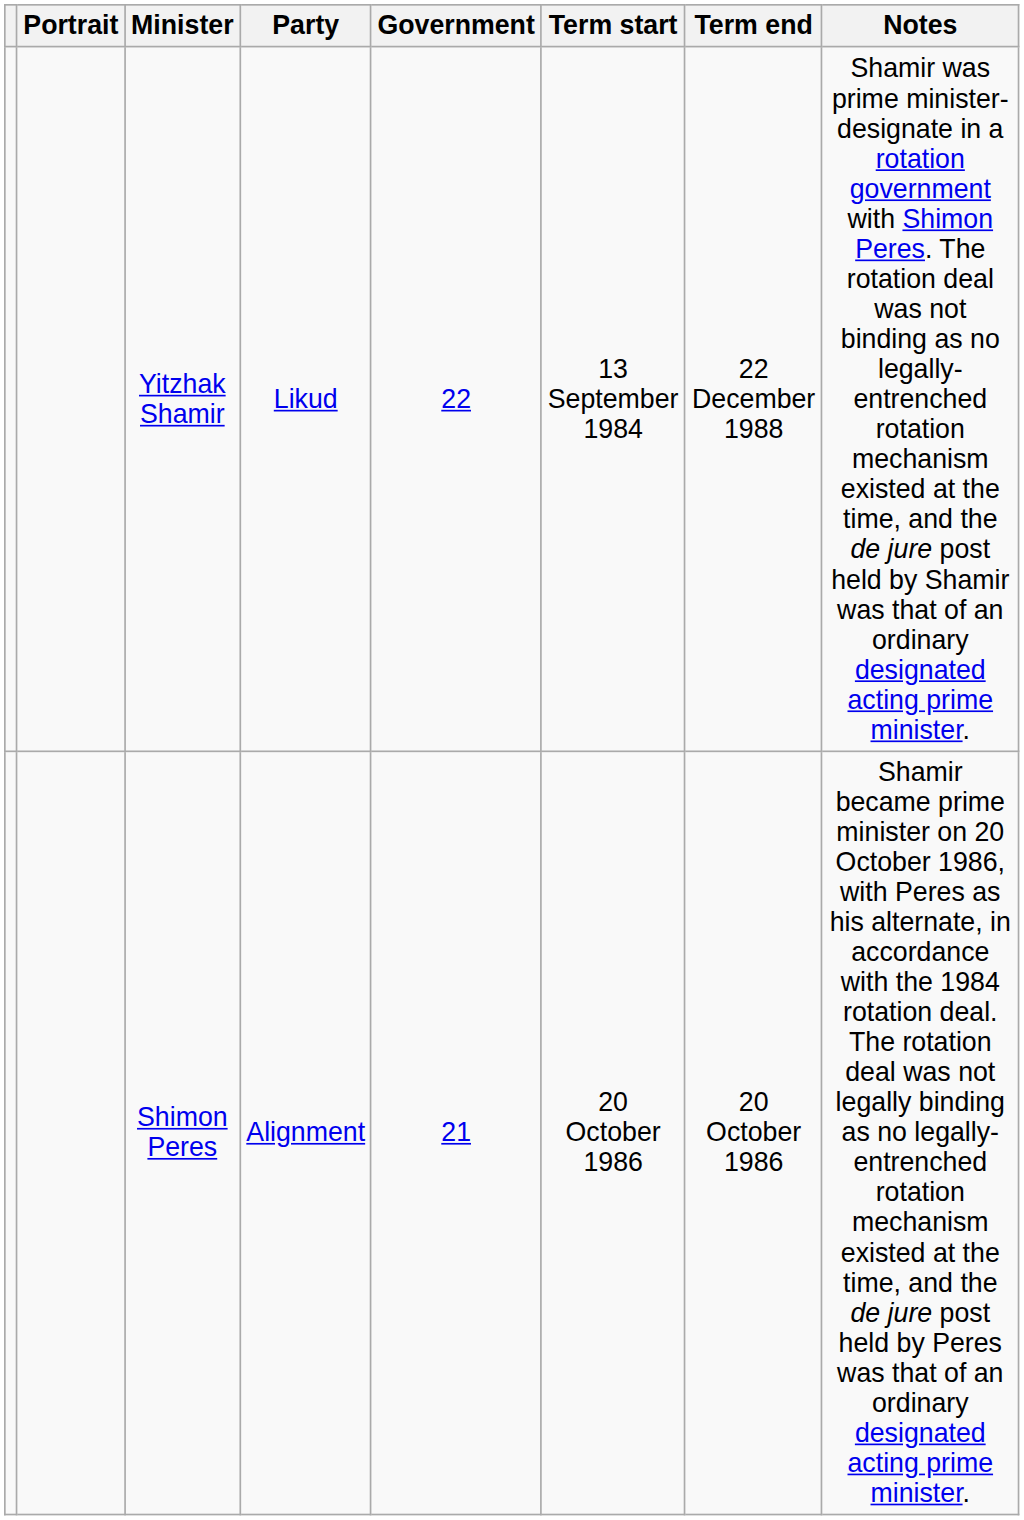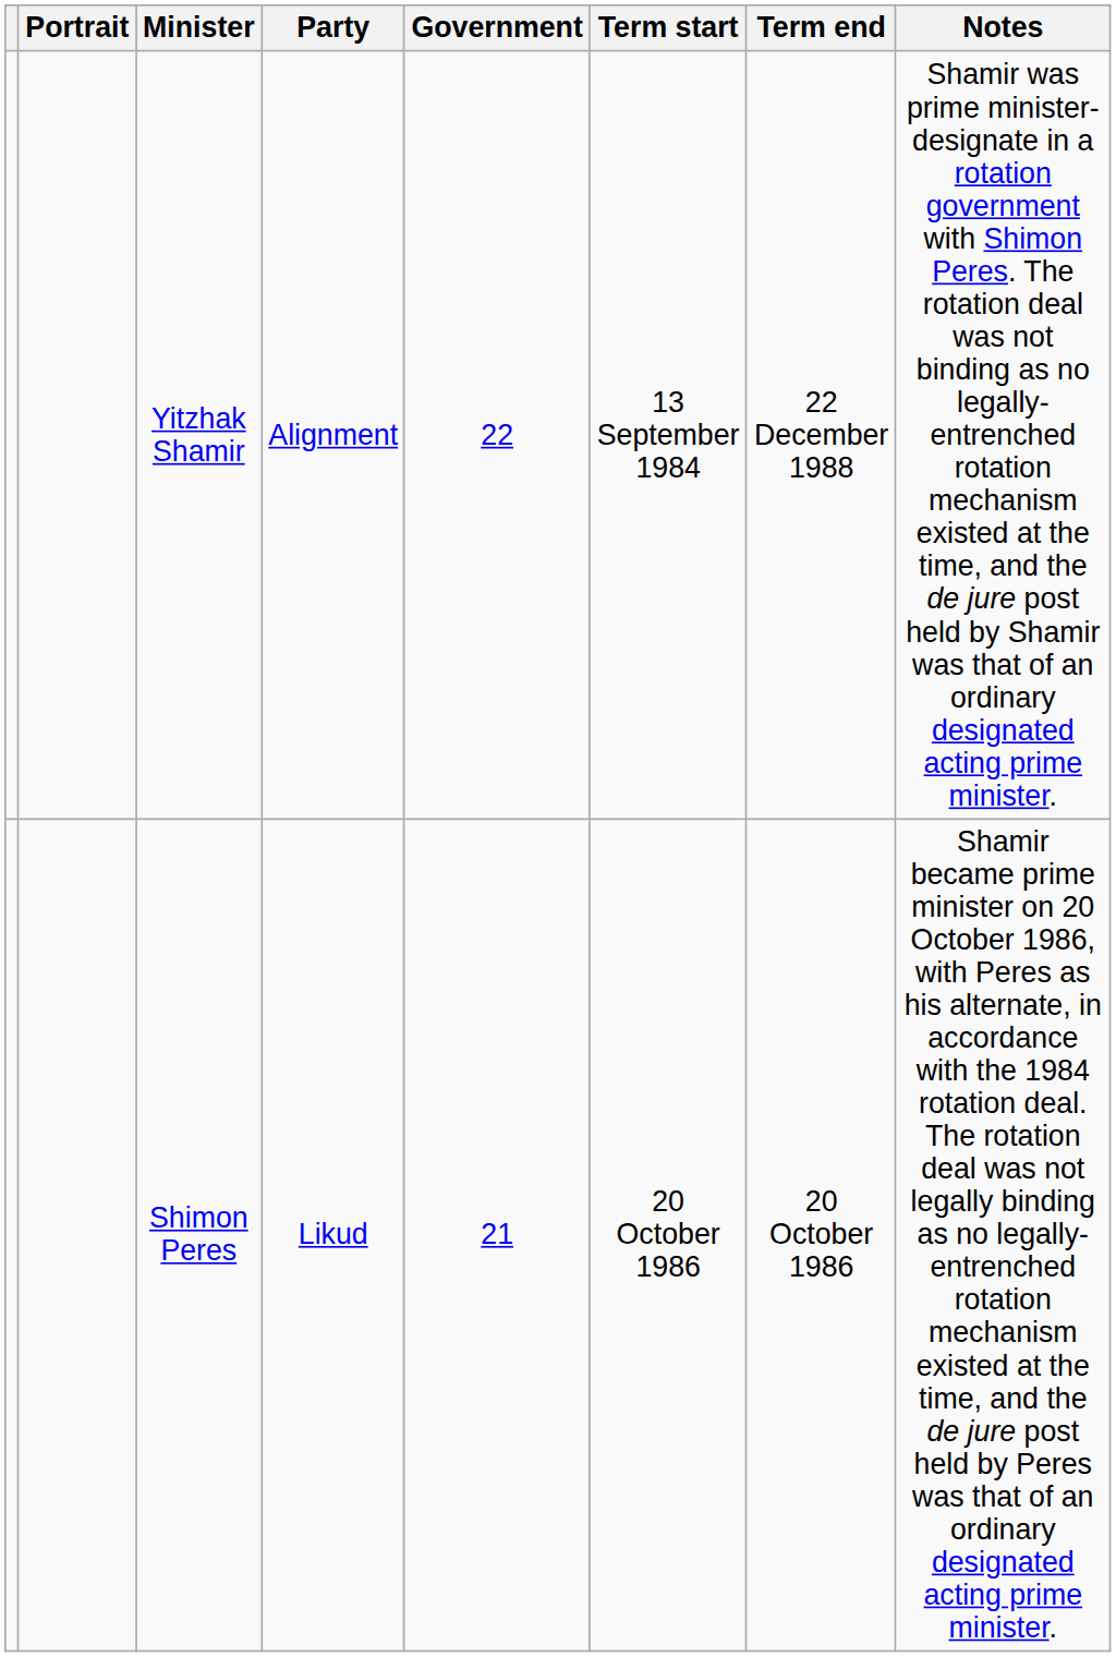 <table class=wikitable style=text-align:center>
 <tr>
 <th></th>
 <th>Portrait</th>
 <th>Minister</th>
 <th>Party</th>
 <th>Government</th>
 <th>Term start</th>
 <th>Term end</th>
 <th>Notes</th>
 </tr>
 <tr>
 <td style="background:"></td>
 <td></td>
 <td align=center><a href='#'>Yitzhak Shamir</a></td>
-<td align=center><a href='#'>Likud</a><br></td>
+<td align=center><a href='#'>Alignment</a><br></td>
 <td><a href='#'>22</a></td>
 <td>13 September 1984</td>
 <td>22 December 1988</td>
 <td>Shamir was prime minister-designate in a <a href='#'>rotation government</a> with <a href='#'>Shimon Peres</a>. The rotation deal was not binding as no legally-entrenched rotation mechanism existed at the time, and the <em>de jure</em> post held by Shamir was that of an ordinary <a href='#'>designated acting prime minister</a>.</td>
 </tr>
 <tr>
 <td style="background:"></td>
 <td></td>
 <td align=center><a href='#'>Shimon Peres</a></td>
-<td align=center><a href='#'>Alignment</a><br></td>
+<td align=center><a href='#'>Likud</a><br></td>
 <td><a href='#'>21</a></td>
 <td>20 October 1986</td>
 <td>20 October 1986</td>
 <td>Shamir became prime minister on 20 October 1986, with Peres as his alternate, in accordance with the 1984 rotation deal. The rotation deal was not legally binding as no legally-entrenched rotation mechanism existed at the time, and the <em>de jure</em> post held by Peres was that of an ordinary <a href='#'>designated acting prime minister</a>.</td>
 </tr>
 </table>
